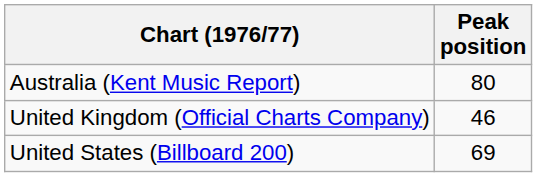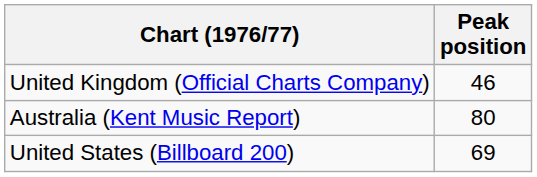 <table class="wikitable">
 <tr>
 <th scope="col">Chart (1976/77)</th>
 <th>Peak<br>position</th>
 </tr>
 <tr>
+<td>United Kingdom (<a href='#'>Official Charts Company</a>)</td>
+<td style="text-align:center;">46</td>
+</tr>
+<tr>
 <td>Australia (<a href='#'>Kent Music Report</a>)</td>
 <td style="text-align:center;">80</td>
-</tr>
-<tr>
-<td>United Kingdom (<a href='#'>Official Charts Company</a>)</td>
-<td style="text-align:center;">46</td>
 </tr>
 <tr>
 <td>United States (<a href='#'>Billboard 200</a>)</td>
 <td style="text-align:center;">69</td>
 </tr>
 </table>
